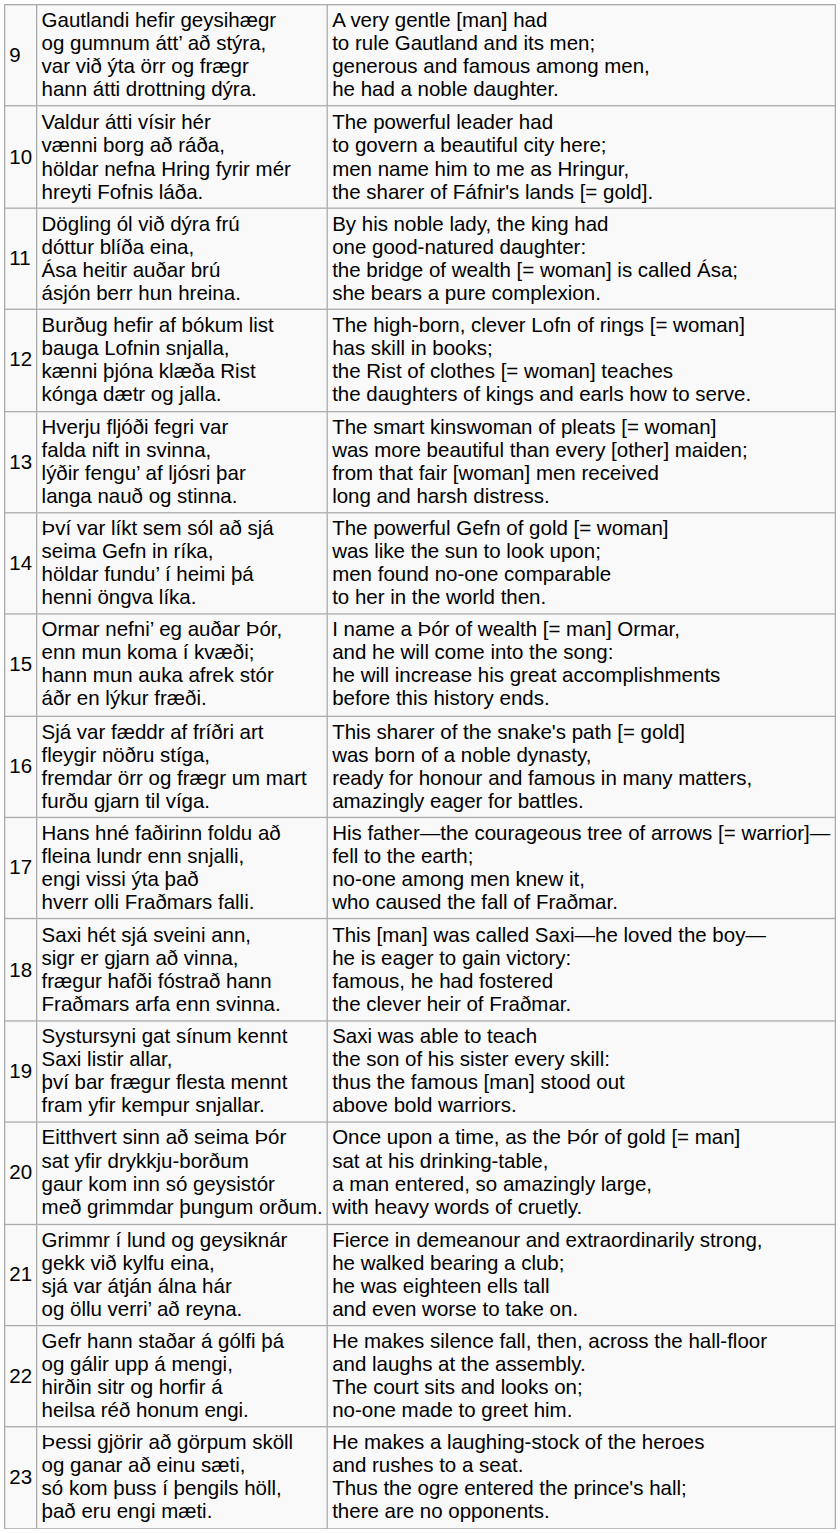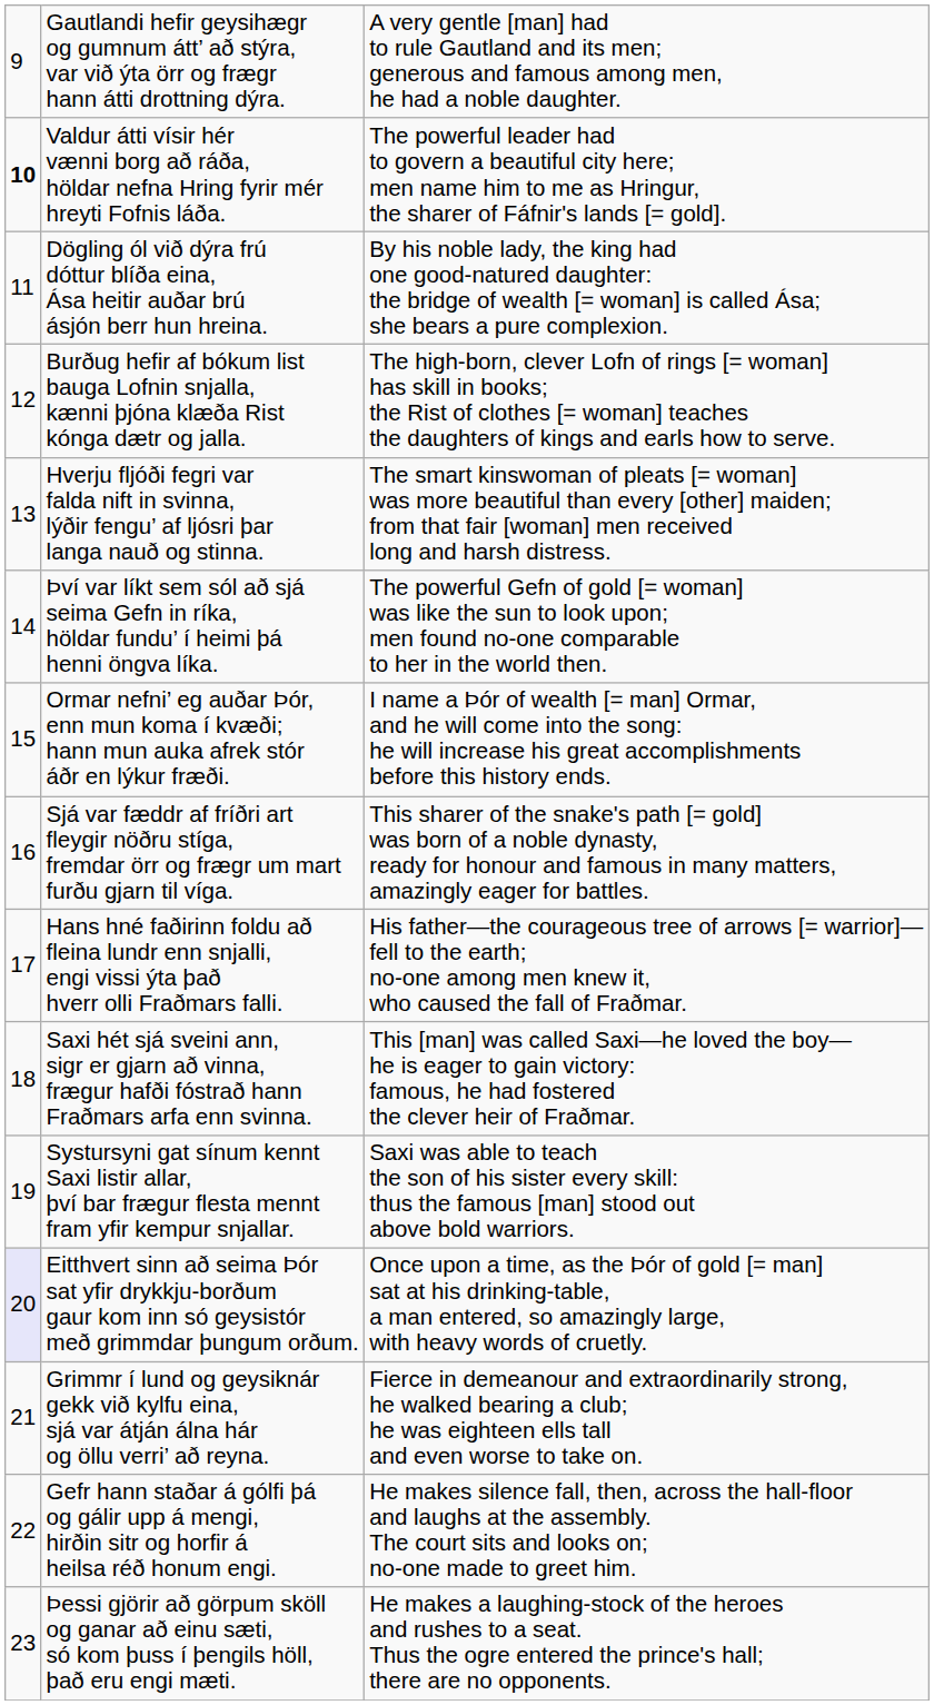 <table class="wikitable">
 <tr>
 <td>9</td>
 <td>Gautlandi hefir geysihægr<br>og gumnum átt’ að stýra,<br>var við ýta örr og frægr<br>hann átti drottning dýra.</td>
 <td>A very gentle [man] had<br>to rule Gautland and its men;<br>generous and famous among men,<br>he had a noble daughter.</td>
 </tr>
 <tr>
-<td>10</td>
+<td><strong>10</strong></td>
 <td>Valdur átti vísir hér<br>vænni borg að ráða,<br>höldar nefna Hring fyrir mér<br>hreyti Fofnis láða.</td>
 <td>The powerful leader had<br>to govern a beautiful city here;<br>men name him to me as Hringur,<br>the sharer of Fáfnir's lands [= gold].</td>
 </tr>
 <tr>
 <td>11</td>
 <td>Dögling ól við dýra frú<br>dóttur blíða eina,<br>Ása heitir auðar brú<br>ásjón berr hun hreina.</td>
 <td>By his noble lady, the king had<br>one good-natured daughter:<br>the bridge of wealth [= woman] is called Ása;<br>she bears a pure complexion.</td>
 </tr>
 <tr>
 <td>12</td>
 <td>Burðug hefir af bókum list<br>bauga Lofnin snjalla,<br>kænni þjóna klæða Rist<br>kónga dætr og jalla.</td>
 <td>The high-born, clever Lofn of rings [= woman]<br>has skill in books;<br>the Rist of clothes [= woman] teaches<br>the daughters of kings and earls how to serve.</td>
 </tr>
 <tr>
 <td>13</td>
 <td>Hverju fljóði fegri var<br>falda nift in svinna,<br>lýðir fengu’ af ljósri þar<br>langa nauð og stinna.</td>
 <td>The smart kinswoman of pleats [= woman]<br>was more beautiful than every [other] maiden;<br>from that fair [woman] men received<br>long and harsh distress.</td>
 </tr>
 <tr>
 <td>14</td>
 <td>Því var líkt sem sól að sjá<br>seima Gefn in ríka,<br>höldar fundu’ í heimi þá<br>henni öngva líka.</td>
 <td>The powerful Gefn of gold [= woman]<br>was like the sun to look upon;<br>men found no-one comparable<br>to her in the world then.</td>
 </tr>
 <tr>
 <td>15</td>
 <td>Ormar nefni’ eg auðar Þór,<br>enn mun koma í kvæði;<br>hann mun auka afrek stór<br>áðr en lýkur fræði.</td>
 <td>I name a Þór of wealth [= man] Ormar,<br>and he will come into the song:<br>he will increase his great accomplishments<br>before this history ends.</td>
 </tr>
 <tr>
 <td>16</td>
 <td>Sjá var fæddr af fríðri art<br>fleygir nöðru stíga,<br>fremdar örr og frægr um mart<br>furðu gjarn til víga.</td>
 <td>This sharer of the snake's path [= gold]<br>was born of a noble dynasty,<br>ready for honour and famous in many matters,<br>amazingly eager for battles.</td>
 </tr>
 <tr>
 <td>17</td>
 <td>Hans hné faðirinn foldu að<br>fleina lundr enn snjalli,<br>engi vissi ýta það<br>hverr olli Fraðmars falli.</td>
 <td>His father—the courageous tree of arrows [= warrior]—<br>fell to the earth;<br>no-one among men knew it,<br>who caused the fall of Fraðmar.</td>
 </tr>
 <tr>
 <td>18</td>
 <td>Saxi hét sjá sveini ann,<br>sigr er gjarn að vinna,<br>frægur hafði fóstrað hann<br>Fraðmars arfa enn svinna.</td>
 <td>This [man] was called Saxi—he loved the boy—<br>he is eager to gain victory:<br>famous, he had fostered<br>the clever heir of Fraðmar.</td>
 </tr>
 <tr>
 <td>19</td>
 <td>Systursyni gat sínum kennt<br>Saxi listir allar,<br>því bar frægur flesta mennt<br>fram yfir kempur snjallar.</td>
 <td>Saxi was able to teach<br>the son of his sister every skill:<br>thus the famous [man] stood out<br>above bold warriors.</td>
 </tr>
 <tr>
-<td>20</td>
+<td style="background: lavender;">20</td>
 <td>Eitthvert sinn að seima Þór<br>sat yfir drykkju-borðum<br>gaur kom inn só geysistór<br>með grimmdar þungum orðum.</td>
 <td>Once upon a time, as the Þór of gold [= man]<br>sat at his drinking-table,<br>a man entered, so amazingly large,<br>with heavy words of cruetly.</td>
 </tr>
 <tr>
 <td>21</td>
 <td>Grimmr í lund og geysiknár<br>gekk við kylfu eina,<br>sjá var átján álna hár<br>og öllu verri’ að reyna.</td>
 <td>Fierce in demeanour and extraordinarily strong,<br>he walked bearing a club;<br>he was eighteen ells tall<br>and even worse to take on.</td>
 </tr>
 <tr>
 <td>22</td>
 <td>Gefr hann staðar á gólfi þá<br>og gálir upp á mengi,<br>hirðin sitr og horfir á<br>heilsa réð honum engi.</td>
 <td>He makes silence fall, then, across the hall-floor<br>and laughs at the assembly.<br>The court sits and looks on;<br>no-one made to greet him.</td>
 </tr>
 <tr>
 <td>23</td>
 <td>Þessi gjörir að görpum sköll<br>og ganar að einu sæti,<br>só kom þuss í þengils höll,<br>það eru engi mæti.</td>
 <td>He makes a laughing-stock of the heroes<br>and rushes to a seat.<br>Thus the ogre entered the prince's hall;<br>there are no opponents.</td>
 </tr>
 <tr>
 </tr>
 </table>
